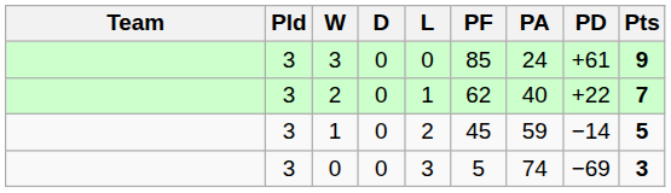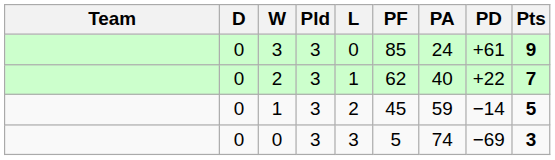 <table class="wikitable" style="text-align:center;">
 <tr>
 <th width=175>Team</th>
+<th width=25 abbr="Drawn">D</th>
+<th width=25 abbr="Won">W</th>
 <th width=25 abbr="Played">Pld</th>
-<th width=25 abbr="Won">W</th>
-<th width=25 abbr="Drawn">D</th>
 <th width=25 abbr="Lost">L</th>
 <th width=32 abbr="Points for">PF</th>
 <th width=32 abbr="Points against">PA</th>
 <th width=32 abbr="Points difference">PD</th>
 <th width=25 abbr="Points">Pts</th>
 </tr>
 <tr bgcolor=ccffcc>
 <td align=left></td>
+<td>0</td>
 <td>3</td>
 <td>3</td>
-<td>0</td>
 <td>0</td>
 <td>85</td>
 <td>24</td>
 <td>+61</td>
 <td><strong>9</strong></td>
 </tr>
 <tr bgcolor=ccffcc>
 <td align=left></td>
+<td>0</td>
+<td>2</td>
 <td>3</td>
-<td>2</td>
-<td>0</td>
 <td>1</td>
 <td>62</td>
 <td>40</td>
 <td>+22</td>
 <td><strong>7</strong></td>
 </tr>
 <tr>
 <td align=left></td>
+<td>0</td>
+<td>1</td>
 <td>3</td>
-<td>1</td>
-<td>0</td>
 <td>2</td>
 <td>45</td>
 <td>59</td>
 <td>−14</td>
 <td><strong>5</strong></td>
 </tr>
 <tr>
 <td align=left></td>
-<td>3</td>
 <td>0</td>
 <td>0</td>
+<td>3</td>
 <td>3</td>
 <td>5</td>
 <td>74</td>
 <td>−69</td>
 <td><strong>3</strong></td>
 </tr>
 </table>
